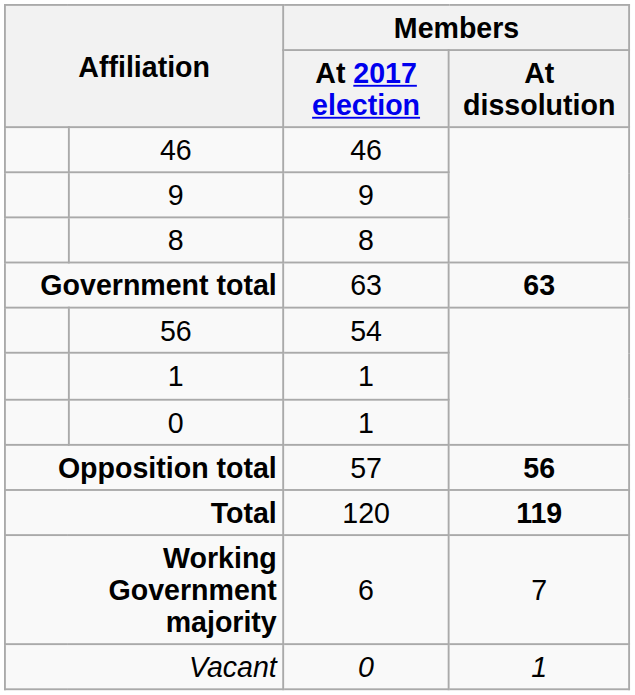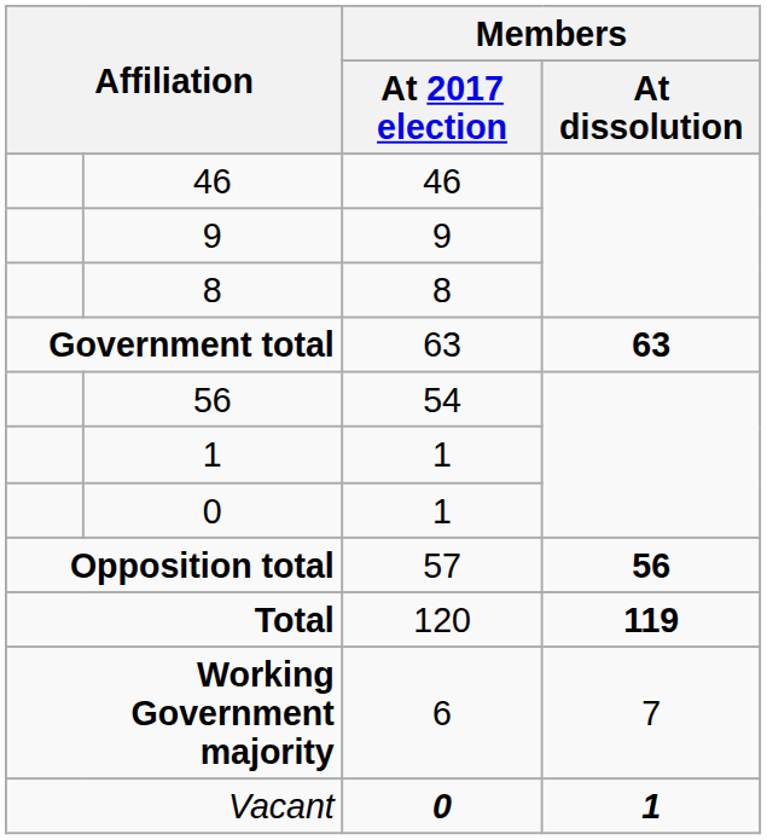 <table class="wikitable" border="1" style="font-size:95%; width:250pt; text-align:center">
 <tr>
 <th colspan="2" rowspan="2" style="text-align:center;vertical-align:middle; ">Affiliation</th>
 <th colspan="2" style="vertical-align:top;">Members</th>
 </tr>
 <tr>
 <th>At <a href='#'>2017 election</a></th>
 <th>At dissolution</th>
 </tr>
 <tr>
 <td></td>
 <td>46</td>
 <td>46</td>
 </tr>
 <tr>
 <td> </td>
 <td>9</td>
 <td>9</td>
 </tr>
 <tr>
 <td> </td>
 <td>8</td>
 <td>8</td>
 </tr>
 <tr>
 <td colspan="2" style="text-align:right; "><strong>Government total</strong></td>
 <td>63</td>
 <td><strong>63</strong></td>
 </tr>
 <tr>
 <td></td>
 <td>56</td>
 <td>54</td>
 </tr>
 <tr>
 <td></td>
 <td>1</td>
 <td>1</td>
 </tr>
 <tr>
 <td></td>
 <td>0</td>
 <td>1</td>
 </tr>
 <tr>
 <td colspan="2" style="text-align:right; "><strong>Opposition total</strong></td>
 <td>57</td>
 <td><strong>56</strong></td>
 </tr>
 <tr>
 <td colspan="2" style="text-align:right; "><strong>Total</strong></td>
 <td>120</td>
 <td><strong>119</strong></td>
 </tr>
 <tr>
 <td colspan="2" style="text-align:right; "><strong>Working Government majority</strong></td>
 <td>6</td>
 <td>7</td>
 </tr>
 <tr>
 <td colspan="2" style="text-align:right; "><em>Vacant</em></td>
-<td><em>0</em></td>
-<td><em>1</em></td>
+<td><strong><em>0</em></strong></td>
+<td><strong><em>1</em></strong></td>
 </tr>
 </table>
